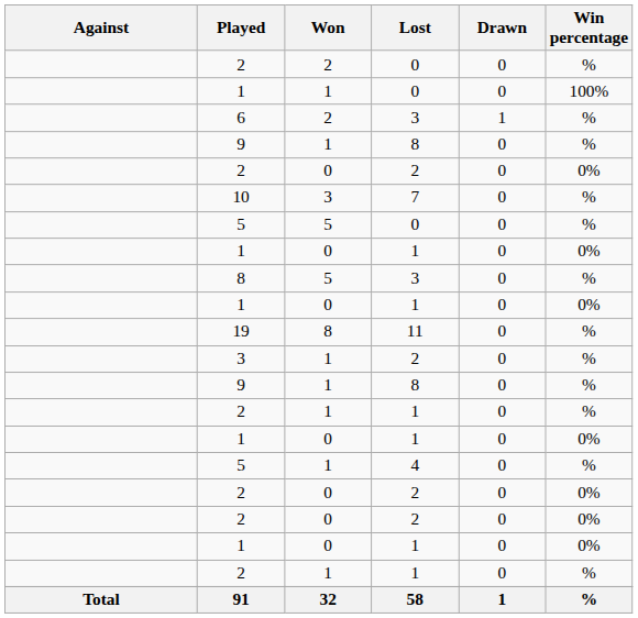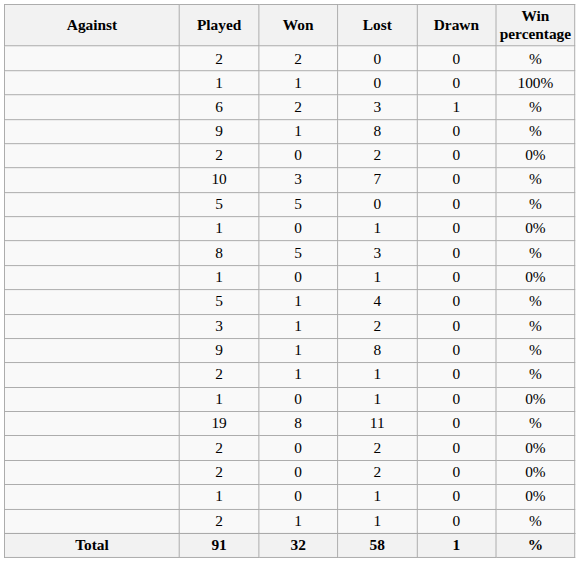 <table class="wikitable sortable" style="border:1px solid #CCCCCC">
 <tr>
 <th align="left" width="175" bgcolor="#CCCCCC">Against</th>
 <th align="center" width="75" bgcolor="#CCCCCC">Played</th>
 <th align="center" width="75" bgcolor="#CCCCCC">Won</th>
 <th align="center" width="75" bgcolor="#CCCCCC">Lost</th>
 <th align="center" width="75" bgcolor="#CCCCCC">Drawn</th>
 <th align="center" width="75" bgcolor="#CCCCCC">Win percentage</th>
 </tr>
 <tr style="text-align:center;">
 <td align="left"></td>
 <td>2</td>
 <td>2</td>
 <td>0</td>
 <td>0</td>
 <td>%</td>
 </tr>
 <tr style="text-align:center;">
 <td align="left"></td>
 <td>1</td>
 <td>1</td>
 <td>0</td>
 <td>0</td>
 <td>100%</td>
 </tr>
 <tr style="text-align:center;">
 <td align="left"></td>
 <td>6</td>
 <td>2</td>
 <td>3</td>
 <td>1</td>
 <td>%</td>
 </tr>
 <tr style="text-align:center;">
 <td align="left"></td>
 <td>9</td>
 <td>1</td>
 <td>8</td>
 <td>0</td>
 <td>%</td>
 </tr>
 <tr style="text-align:center;">
 <td align="left"></td>
 <td>2</td>
 <td>0</td>
 <td>2</td>
 <td>0</td>
 <td>0%</td>
 </tr>
 <tr style="text-align:center;">
 <td align="left"></td>
 <td>10</td>
 <td>3</td>
 <td>7</td>
 <td>0</td>
 <td>%</td>
 </tr>
 <tr style="text-align:center;">
 <td align="left"></td>
 <td>5</td>
 <td>5</td>
 <td>0</td>
 <td>0</td>
 <td>%</td>
 </tr>
 <tr style="text-align:center;">
 <td align="left"></td>
 <td>1</td>
 <td>0</td>
 <td>1</td>
 <td>0</td>
 <td>0%</td>
 </tr>
 <tr style="text-align:center;">
 <td align="left"></td>
 <td>8</td>
 <td>5</td>
 <td>3</td>
 <td>0</td>
 <td>%</td>
 </tr>
 <tr style="text-align:center;">
 <td align="left"></td>
 <td>1</td>
 <td>0</td>
 <td>1</td>
 <td>0</td>
 <td>0%</td>
 </tr>
 <tr style="text-align:center;">
 <td align="left"></td>
-<td>19</td>
-<td>8</td>
-<td>11</td>
+<td>5</td>
+<td>1</td>
+<td>4</td>
 <td>0</td>
 <td>%</td>
 </tr>
 <tr style="text-align:center;">
 <td align="left"></td>
 <td>3</td>
 <td>1</td>
 <td>2</td>
 <td>0</td>
 <td>%</td>
 </tr>
 <tr style="text-align:center;">
 <td align="left"></td>
 <td>9</td>
 <td>1</td>
 <td>8</td>
 <td>0</td>
 <td>%</td>
 </tr>
 <tr style="text-align:center;">
 <td align="left"></td>
 <td>2</td>
 <td>1</td>
 <td>1</td>
 <td>0</td>
 <td>%</td>
 </tr>
 <tr style="text-align:center;">
 <td align="left"></td>
 <td>1</td>
 <td>0</td>
 <td>1</td>
 <td>0</td>
 <td>0%</td>
 </tr>
 <tr style="text-align:center;">
 <td align="left"></td>
-<td>5</td>
-<td>1</td>
-<td>4</td>
+<td>19</td>
+<td>8</td>
+<td>11</td>
 <td>0</td>
 <td>%</td>
 </tr>
 <tr style="text-align:center;">
 <td align="left"></td>
 <td>2</td>
 <td>0</td>
 <td>2</td>
 <td>0</td>
 <td>0%</td>
 </tr>
 <tr style="text-align:center;">
 <td align="left"></td>
 <td>2</td>
 <td>0</td>
 <td>2</td>
 <td>0</td>
 <td>0%</td>
 </tr>
 <tr style="text-align:center;">
 <td align="left"></td>
 <td>1</td>
 <td>0</td>
 <td>1</td>
 <td>0</td>
 <td>0%</td>
 </tr>
 <tr style="text-align:center;">
 <td align="left"></td>
 <td>2</td>
 <td>1</td>
 <td>1</td>
 <td>0</td>
 <td>%</td>
 </tr>
 <tr style="text-align:center; background:#efefef;">
 </tr>
 <tr style="text-align:center;">
 <th>Total</th>
 <th><strong>91</strong></th>
 <th><strong>32</strong></th>
 <th><strong>58</strong></th>
 <th><strong>1</strong></th>
 <th><strong>%</strong></th>
 </tr>
 </table>
